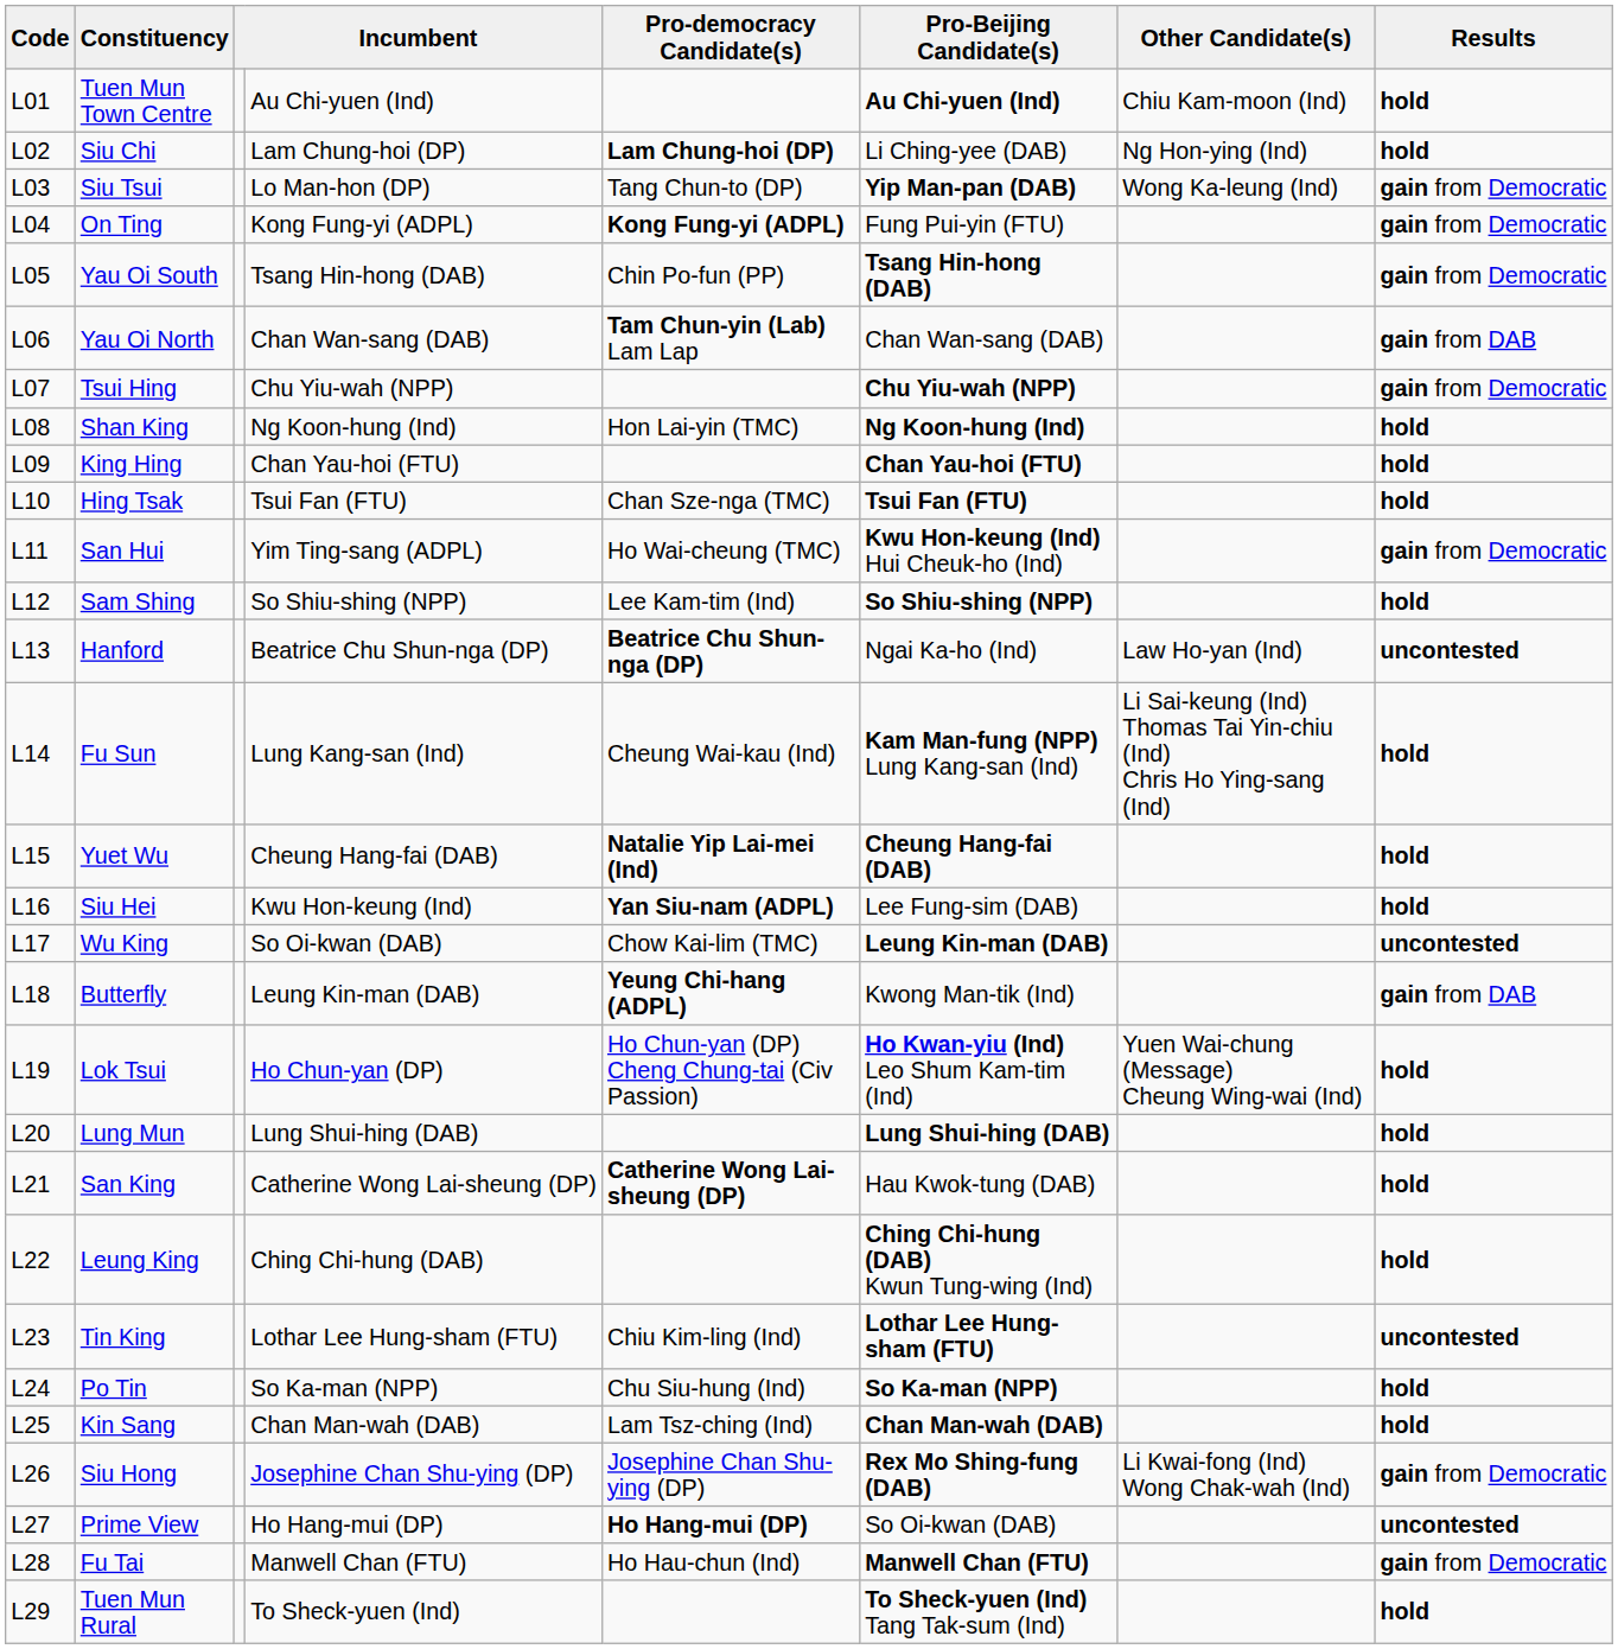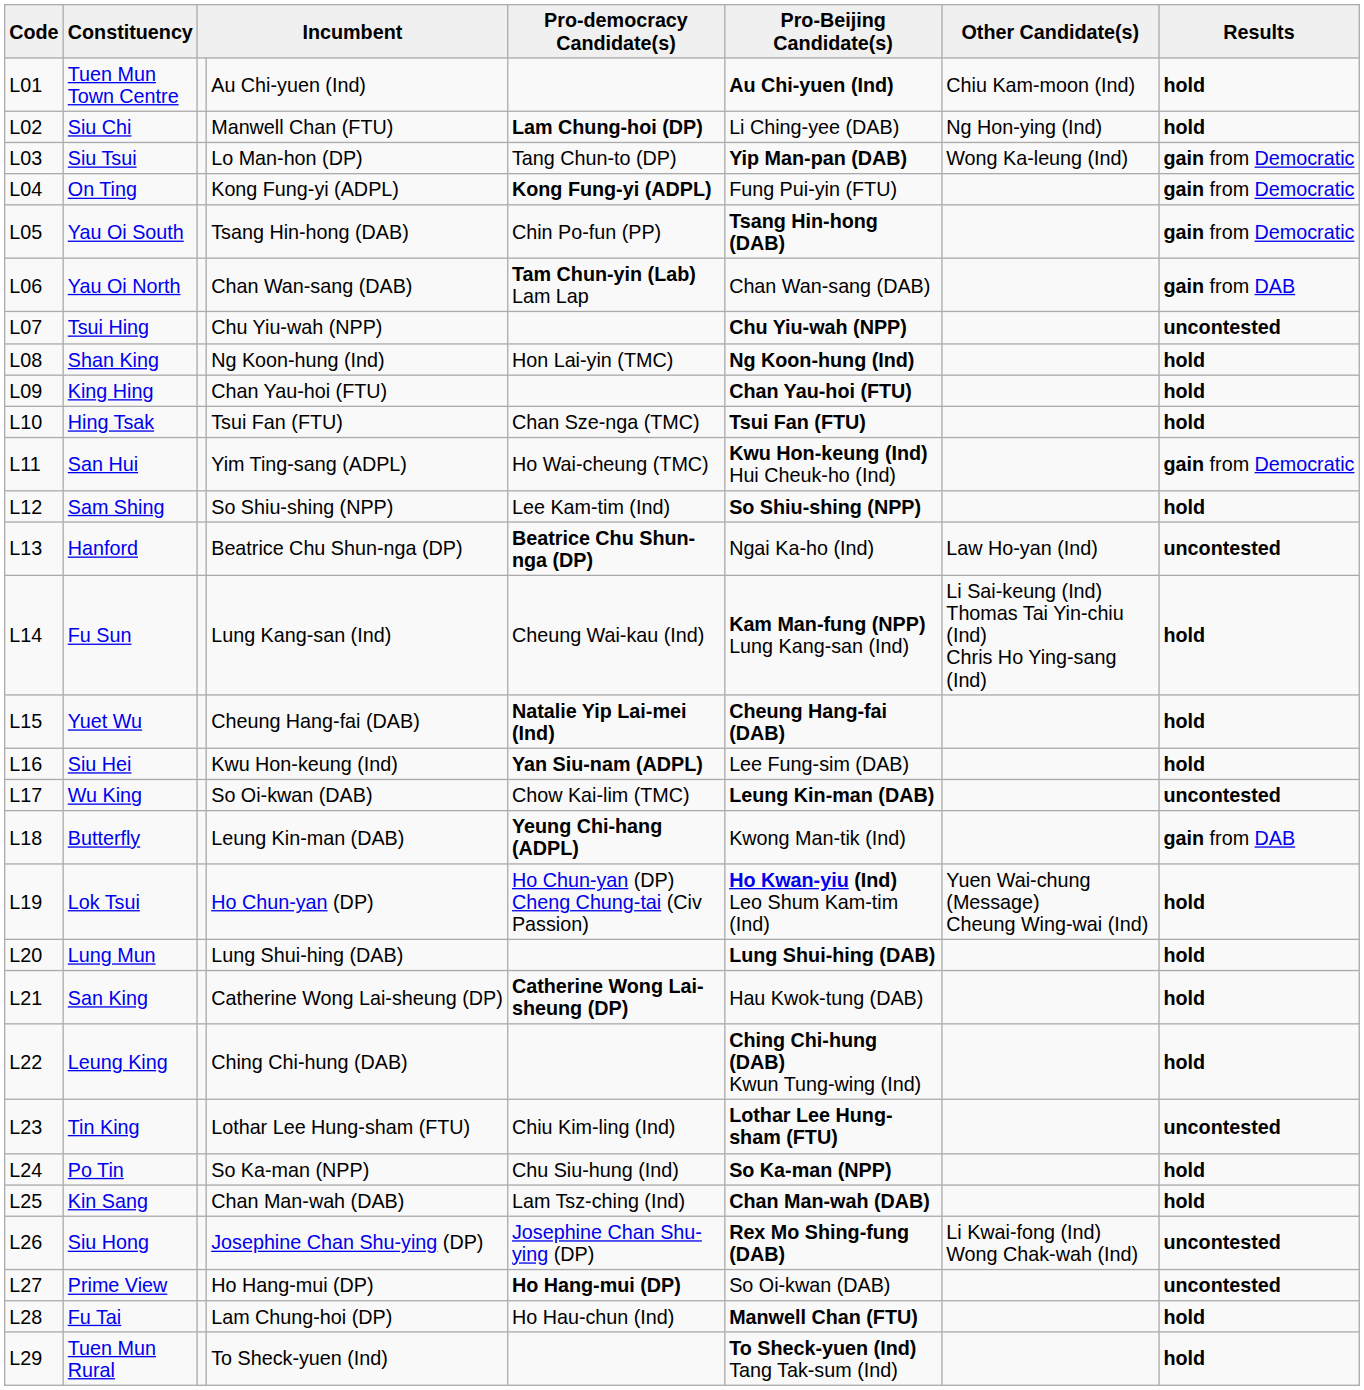 <table class="wikitable sortable" style="font-size: 95%;">
 <tr>
 <th align="center" style="background:#f0f0f0;" width="20px"><strong>Code</strong></th>
 <th align="center" style="background:#f0f0f0;" width="90px"><strong>Constituency</strong></th>
 <th align="center" style="background:#f0f0f0;" width="120px" colspan=2><strong>Incumbent</strong></th>
 <th align="center" style="background:#f0f0f0;" width="160px"><strong>Pro-democracy Candidate(s)</strong></th>
 <th align="center" style="background:#f0f0f0;" width="160px"><strong>Pro-Beijing Candidate(s)</strong></th>
 <th align="center" style="background:#f0f0f0;" width="160px"><strong>Other Candidate(s)</strong></th>
 <th align="center" style="background:#f0f0f0;" width="100px" colspan="2"><strong>Results</strong></th>
 </tr>
 <tr>
 <td>L01</td>
 <td><a href='#'>Tuen Mun Town Centre</a></td>
 <td></td>
 <td>Au Chi-yuen (Ind)</td>
 <td></td>
 <td><strong>Au Chi-yuen (Ind)</strong></td>
 <td>Chiu Kam-moon (Ind)</td>
 <td> <strong>hold</strong></td>
 </tr>
 <tr>
 <td>L02</td>
 <td><a href='#'>Siu Chi</a></td>
 <td></td>
-<td>Lam Chung-hoi (DP)</td>
+<td>Manwell Chan (FTU)</td>
 <td><strong>Lam Chung-hoi (DP)</strong></td>
 <td>Li Ching-yee (DAB)</td>
 <td>Ng Hon-ying (Ind)</td>
 <td> <strong>hold</strong></td>
 </tr>
 <tr>
 <td>L03</td>
 <td><a href='#'>Siu Tsui</a></td>
 <td></td>
 <td>Lo Man-hon (DP)</td>
 <td>Tang Chun-to (DP)</td>
 <td><strong>Yip Man-pan (DAB)</strong></td>
 <td>Wong Ka-leung (Ind)</td>
 <td> <strong>gain</strong> from <a href='#'>Democratic</a></td>
 </tr>
 <tr>
 <td>L04</td>
 <td><a href='#'>On Ting</a></td>
 <td></td>
 <td>Kong Fung-yi (ADPL)</td>
 <td><strong>Kong Fung-yi (ADPL)</strong></td>
 <td>Fung Pui-yin (FTU)</td>
 <td></td>
 <td> <strong>gain</strong> from <a href='#'>Democratic</a></td>
 </tr>
 <tr>
 <td>L05</td>
 <td><a href='#'>Yau Oi South</a></td>
 <td></td>
 <td>Tsang Hin-hong (DAB)</td>
 <td>Chin Po-fun (PP)</td>
 <td><strong>Tsang Hin-hong (DAB)</strong></td>
 <td></td>
 <td> <strong>gain</strong> from <a href='#'>Democratic</a></td>
 </tr>
 <tr>
 <td>L06</td>
 <td><a href='#'>Yau Oi North</a></td>
 <td></td>
 <td>Chan Wan-sang (DAB)</td>
 <td><strong>Tam Chun-yin (Lab)</strong><br>Lam Lap</td>
 <td>Chan Wan-sang (DAB)</td>
 <td></td>
 <td> <strong>gain</strong> from <a href='#'>DAB</a></td>
 </tr>
 <tr>
 <td>L07</td>
 <td><a href='#'>Tsui Hing</a></td>
 <td></td>
 <td>Chu Yiu-wah (NPP)</td>
 <td></td>
 <td><strong>Chu Yiu-wah (NPP)</strong></td>
 <td></td>
-<td> <strong>gain</strong> from <a href='#'>Democratic</a></td>
+<td> <strong>uncontested</strong></td>
 </tr>
 <tr>
 <td>L08</td>
 <td><a href='#'>Shan King</a></td>
 <td></td>
 <td>Ng Koon-hung (Ind)</td>
 <td>Hon Lai-yin (TMC)</td>
 <td><strong>Ng Koon-hung (Ind)</strong></td>
 <td></td>
 <td> <strong>hold</strong></td>
 </tr>
 <tr>
 <td>L09</td>
 <td><a href='#'>King Hing</a></td>
 <td></td>
 <td>Chan Yau-hoi (FTU)</td>
 <td></td>
 <td><strong>Chan Yau-hoi (FTU)</strong></td>
 <td></td>
 <td> <strong>hold</strong></td>
 </tr>
 <tr>
 <td>L10</td>
 <td><a href='#'>Hing Tsak</a></td>
 <td></td>
 <td>Tsui Fan (FTU)</td>
 <td>Chan Sze-nga (TMC)</td>
 <td><strong>Tsui Fan (FTU)</strong></td>
 <td></td>
 <td> <strong>hold</strong></td>
 </tr>
 <tr>
 <td>L11</td>
 <td><a href='#'>San Hui</a></td>
 <td></td>
 <td>Yim Ting-sang (ADPL)</td>
 <td>Ho Wai-cheung (TMC)</td>
 <td><strong>Kwu Hon-keung (Ind)</strong><br>Hui Cheuk-ho (Ind)</td>
 <td></td>
 <td> <strong>gain</strong> from <a href='#'>Democratic</a></td>
 </tr>
 <tr>
 <td>L12</td>
 <td><a href='#'>Sam Shing</a></td>
 <td></td>
 <td>So Shiu-shing (NPP)</td>
 <td>Lee Kam-tim (Ind)</td>
 <td><strong>So Shiu-shing (NPP)</strong></td>
 <td></td>
 <td> <strong>hold</strong></td>
 </tr>
 <tr>
 <td>L13</td>
 <td><a href='#'>Hanford</a></td>
 <td></td>
 <td>Beatrice Chu Shun-nga (DP)</td>
 <td><strong>Beatrice Chu Shun-nga (DP)</strong></td>
 <td>Ngai Ka-ho (Ind)</td>
 <td>Law Ho-yan (Ind)</td>
 <td> <strong>uncontested</strong></td>
 </tr>
 <tr>
 <td>L14</td>
 <td><a href='#'>Fu Sun</a></td>
 <td></td>
 <td>Lung Kang-san (Ind)</td>
 <td>Cheung Wai-kau (Ind)</td>
 <td><strong>Kam Man-fung (NPP)</strong><br>Lung Kang-san (Ind)</td>
 <td>Li Sai-keung (Ind) <br>Thomas Tai Yin-chiu (Ind)<br>Chris Ho Ying-sang (Ind)</td>
 <td> <strong>hold</strong></td>
 </tr>
 <tr>
 <td>L15</td>
 <td><a href='#'>Yuet Wu</a></td>
 <td></td>
 <td>Cheung Hang-fai (DAB)</td>
 <td><strong>Natalie Yip Lai-mei (Ind)</strong></td>
 <td><strong>Cheung Hang-fai (DAB)</strong></td>
 <td></td>
 <td> <strong>hold</strong></td>
 </tr>
 <tr>
 <td>L16</td>
 <td><a href='#'>Siu Hei</a></td>
 <td></td>
 <td>Kwu Hon-keung (Ind)</td>
 <td><strong>Yan Siu-nam (ADPL)</strong></td>
 <td>Lee Fung-sim (DAB)</td>
 <td></td>
 <td> <strong>hold</strong></td>
 </tr>
 <tr>
 <td>L17</td>
 <td><a href='#'>Wu King</a></td>
 <td></td>
 <td>So Oi-kwan (DAB)</td>
 <td>Chow Kai-lim (TMC)</td>
 <td><strong>Leung Kin-man (DAB)</strong></td>
 <td></td>
 <td> <strong>uncontested</strong></td>
 </tr>
 <tr>
 <td>L18</td>
 <td><a href='#'>Butterfly</a></td>
 <td></td>
 <td>Leung Kin-man (DAB)</td>
 <td><strong>Yeung Chi-hang (ADPL)</strong></td>
 <td>Kwong Man-tik (Ind)</td>
 <td></td>
 <td> <strong>gain</strong> from <a href='#'>DAB</a></td>
 </tr>
 <tr>
 <td>L19</td>
 <td><a href='#'>Lok Tsui</a></td>
 <td></td>
 <td><a href='#'>Ho Chun-yan</a> (DP)</td>
 <td><a href='#'>Ho Chun-yan</a> (DP)<br><a href='#'>Cheng Chung-tai</a> (Civ Passion)</td>
 <td><strong><a href='#'>Ho Kwan-yiu</a> (Ind)</strong><br>Leo Shum Kam-tim (Ind)</td>
 <td>Yuen Wai-chung (Message)<br>Cheung Wing-wai (Ind)</td>
 <td> <strong>hold</strong></td>
 </tr>
 <tr>
 <td>L20</td>
 <td><a href='#'>Lung Mun</a></td>
 <td></td>
 <td>Lung Shui-hing (DAB)</td>
 <td></td>
 <td><strong>Lung Shui-hing (DAB)</strong></td>
 <td></td>
 <td> <strong>hold</strong></td>
 </tr>
 <tr>
 <td>L21</td>
 <td><a href='#'>San King</a></td>
 <td></td>
 <td>Catherine Wong Lai-sheung (DP)</td>
 <td><strong>Catherine Wong Lai-sheung (DP)</strong></td>
 <td>Hau Kwok-tung (DAB)</td>
 <td></td>
 <td> <strong>hold</strong></td>
 </tr>
 <tr>
 <td>L22</td>
 <td><a href='#'>Leung King</a></td>
 <td></td>
 <td>Ching Chi-hung (DAB)</td>
 <td></td>
 <td><strong>Ching Chi-hung (DAB) </strong><br>Kwun Tung-wing (Ind)</td>
 <td></td>
 <td> <strong>hold</strong></td>
 </tr>
 <tr>
 <td>L23</td>
 <td><a href='#'>Tin King</a></td>
 <td></td>
 <td>Lothar Lee Hung-sham (FTU)</td>
 <td>Chiu Kim-ling (Ind)</td>
 <td><strong>Lothar Lee Hung-sham (FTU)</strong></td>
 <td></td>
 <td> <strong>uncontested</strong></td>
 </tr>
 <tr>
 <td>L24</td>
 <td><a href='#'>Po Tin</a></td>
 <td></td>
 <td>So Ka-man (NPP)</td>
 <td>Chu Siu-hung (Ind)</td>
 <td><strong>So Ka-man (NPP)</strong></td>
 <td></td>
 <td> <strong>hold</strong></td>
 </tr>
 <tr>
 <td>L25</td>
 <td><a href='#'>Kin Sang</a></td>
 <td></td>
 <td>Chan Man-wah (DAB)</td>
 <td>Lam Tsz-ching (Ind)</td>
 <td><strong>Chan Man-wah (DAB)</strong></td>
 <td></td>
 <td> <strong>hold</strong></td>
 </tr>
 <tr>
 <td>L26</td>
 <td><a href='#'>Siu Hong</a></td>
 <td></td>
 <td><a href='#'>Josephine Chan Shu-ying</a> (DP)</td>
 <td><a href='#'>Josephine Chan Shu-ying</a> (DP)</td>
 <td><strong>Rex Mo Shing-fung (DAB)</strong></td>
 <td>Li Kwai-fong (Ind)<br>Wong Chak-wah (Ind)</td>
-<td> <strong>gain</strong> from <a href='#'>Democratic</a></td>
+<td> <strong>uncontested</strong></td>
 </tr>
 <tr>
 <td>L27</td>
 <td><a href='#'>Prime View</a></td>
 <td></td>
 <td>Ho Hang-mui (DP)</td>
 <td><strong>Ho Hang-mui (DP)</strong></td>
 <td>So Oi-kwan (DAB)</td>
 <td></td>
 <td> <strong>uncontested</strong></td>
 </tr>
 <tr>
 <td>L28</td>
 <td><a href='#'>Fu Tai</a></td>
 <td></td>
-<td>Manwell Chan (FTU)</td>
+<td>Lam Chung-hoi (DP)</td>
 <td>Ho Hau-chun (Ind)</td>
 <td><strong>Manwell Chan (FTU)</strong></td>
 <td></td>
-<td> <strong>gain</strong> from <a href='#'>Democratic</a></td>
+<td> <strong>hold</strong></td>
 </tr>
 <tr>
 <td>L29</td>
 <td><a href='#'>Tuen Mun Rural</a></td>
 <td></td>
 <td>To Sheck-yuen (Ind)</td>
 <td></td>
 <td><strong>To Sheck-yuen (Ind)</strong><br>Tang Tak-sum (Ind)</td>
 <td></td>
 <td> <strong>hold</strong></td>
 </tr>
 </table>
